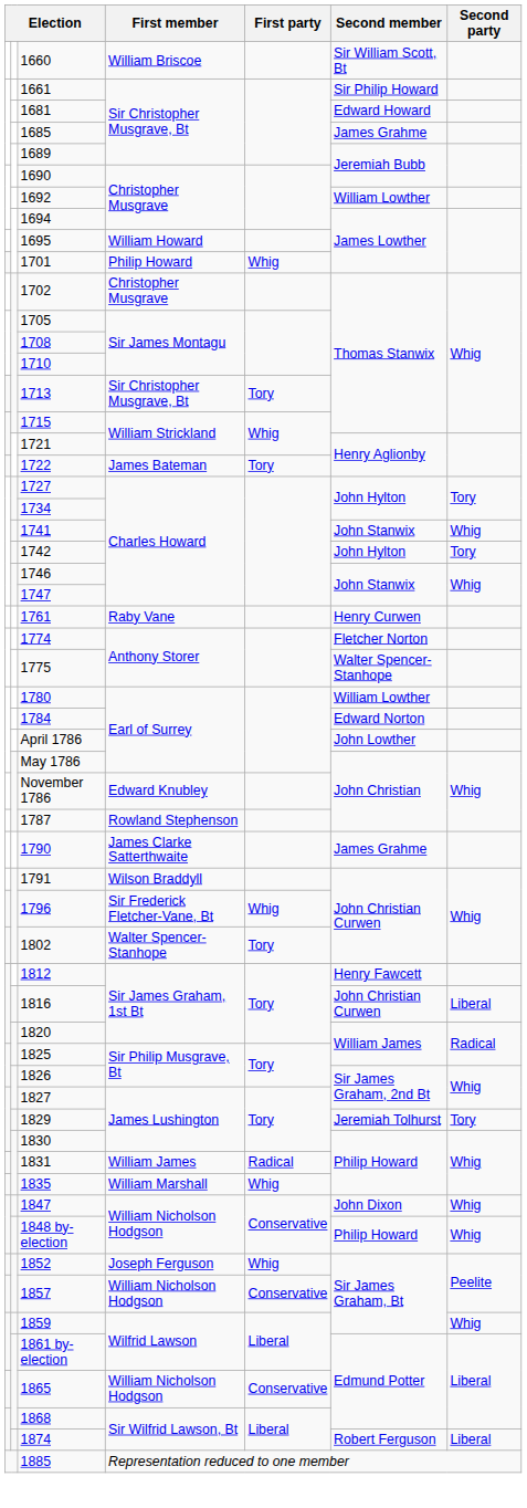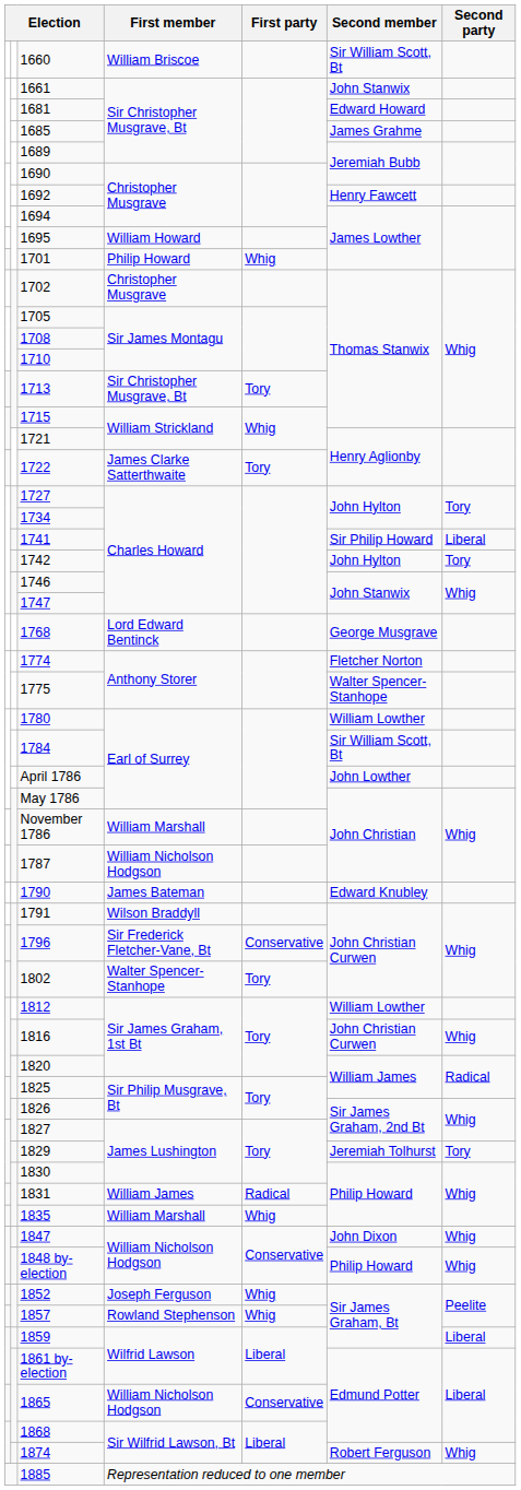 <table class="wikitable">
 <tr>
 <th colspan="3">Election</th>
 <th>First member</th>
 <th>First party</th>
 <th>Second member</th>
 <th>Second party</th>
 </tr>
 <tr>
 <td style="color:inherit;background-color: white"></td>
 <td style="color:inherit;background-color: white"></td>
 <td>1660</td>
 <td><a href='#'>William Briscoe</a></td>
 <td></td>
 <td><a href='#'>Sir William Scott, Bt</a></td>
 <td></td>
 </tr>
 <tr>
 <td rowspan="4" style="color:inherit;background-color: white"></td>
 <td style="color:inherit;background-color: white"></td>
 <td>1661</td>
 <td rowspan="4"><a href='#'>Sir Christopher Musgrave, Bt</a></td>
 <td rowspan="4"></td>
-<td><a href='#'>Sir Philip Howard</a></td>
+<td><a href='#'>John Stanwix</a></td>
 <td></td>
 </tr>
 <tr>
 <td style="color:inherit;background-color: white"></td>
 <td>1681</td>
 <td><a href='#'>Edward Howard</a></td>
 <td></td>
 </tr>
 <tr>
 <td style="color:inherit;background-color: white"></td>
 <td>1685</td>
 <td><a href='#'>James Grahme</a></td>
 <td></td>
 </tr>
 <tr>
 <td rowspan="2" style="color:inherit;background-color: white"></td>
 <td>1689</td>
 <td rowspan="2"><a href='#'>Jeremiah Bubb</a></td>
 <td rowspan="2"></td>
 </tr>
 <tr>
 <td rowspan="3" style="color:inherit;background-color: white"></td>
 <td>1690</td>
 <td rowspan="3"><a href='#'>Christopher Musgrave</a></td>
 <td rowspan="3"></td>
 </tr>
 <tr>
 <td style="color:inherit;background-color: white"></td>
 <td>1692</td>
-<td><a href='#'>William Lowther</a></td>
+<td><a href='#'>Henry Fawcett</a></td>
 <td></td>
 </tr>
 <tr>
 <td rowspan="3" style="color:inherit;background-color: white"></td>
 <td>1694</td>
 <td rowspan="3"><a href='#'>James Lowther</a></td>
 <td rowspan="3"></td>
 </tr>
 <tr>
 <td style="color:inherit;background-color: white"></td>
 <td>1695</td>
 <td><a href='#'>William Howard</a></td>
 <td></td>
 </tr>
 <tr>
 <td style="color:inherit;background-color: "></td>
 <td>1701</td>
 <td><a href='#'>Philip Howard</a></td>
 <td><a href='#'>Whig</a></td>
 </tr>
 <tr>
 <td style="color:inherit;background-color: white"></td>
 <td rowspan="6" style="color:inherit;background-color: "></td>
 <td>1702</td>
 <td><a href='#'>Christopher Musgrave</a></td>
 <td></td>
 <td rowspan="6"><a href='#'>Thomas Stanwix</a></td>
 <td rowspan="6"><a href='#'>Whig</a></td>
 </tr>
 <tr>
 <td rowspan="3" style="color:inherit;background-color: white"></td>
 <td>1705</td>
 <td rowspan="3"><a href='#'>Sir James Montagu</a></td>
 <td rowspan="3"></td>
 </tr>
 <tr>
 <td><a href='#'>1708</a></td>
 </tr>
 <tr>
 <td><a href='#'>1710</a></td>
 </tr>
 <tr>
 <td style="color:inherit;background-color: "></td>
 <td><a href='#'>1713</a></td>
 <td><a href='#'>Sir Christopher Musgrave, Bt</a></td>
 <td><a href='#'>Tory</a></td>
 </tr>
 <tr>
 <td rowspan="2" style="color:inherit;background-color: "></td>
 <td><a href='#'>1715</a></td>
 <td rowspan="2"><a href='#'>William Strickland</a></td>
 <td rowspan="2"><a href='#'>Whig</a></td>
 </tr>
 <tr>
 <td rowspan="2" style="color:inherit;background-color: white"></td>
 <td>1721</td>
 <td rowspan="2"><a href='#'>Henry Aglionby</a></td>
 <td rowspan="2"></td>
 </tr>
 <tr>
 <td style="color:inherit;background-color: "></td>
 <td><a href='#'>1722</a></td>
-<td><a href='#'>James Bateman</a></td>
+<td><a href='#'>James Clarke Satterthwaite</a></td>
 <td><a href='#'>Tory</a></td>
 </tr>
 <tr>
 <td rowspan="6" style="color:inherit;background-color: white"></td>
 <td rowspan="2" style="color:inherit;background-color: "></td>
 <td><a href='#'>1727</a></td>
 <td rowspan="6"><a href='#'>Charles Howard</a></td>
 <td rowspan="6"></td>
 <td rowspan="2"><a href='#'>John Hylton</a></td>
 <td rowspan="2"><a href='#'>Tory</a></td>
 </tr>
 <tr>
 <td><a href='#'>1734</a></td>
 </tr>
 <tr>
 <td style="color:inherit;background-color: "></td>
 <td><a href='#'>1741</a></td>
-<td><a href='#'>John Stanwix</a></td>
-<td><a href='#'>Whig</a></td>
+<td><a href='#'>Sir Philip Howard</a></td>
+<td><a href='#'>Liberal</a></td>
 </tr>
 <tr>
 <td style="color:inherit;background-color: "></td>
 <td>1742</td>
 <td><a href='#'>John Hylton</a></td>
 <td><a href='#'>Tory</a></td>
 </tr>
 <tr>
 <td rowspan="2" style="color:inherit;background-color: "></td>
 <td>1746</td>
 <td rowspan="2"><a href='#'>John Stanwix</a></td>
 <td rowspan="2"><a href='#'>Whig</a></td>
 </tr>
 <tr>
 <td><a href='#'>1747</a></td>
 </tr>
 <tr>
 <td style="color:inherit;background-color: white"></td>
 <td style="color:inherit;background-color: white"></td>
-<td><a href='#'>1761</a></td>
-<td><a href='#'>Raby Vane</a></td>
+<td><a href='#'>1768</a></td>
+<td><a href='#'>Lord Edward Bentinck</a></td>
 <td></td>
-<td><a href='#'>Henry Curwen</a></td>
+<td><a href='#'>George Musgrave</a></td>
 <td></td>
 </tr>
 <tr>
 <td rowspan="2" style="color:inherit;background-color: white"></td>
 <td style="color:inherit;background-color: white"></td>
 <td><a href='#'>1774</a></td>
 <td rowspan="2"><a href='#'>Anthony Storer</a></td>
 <td rowspan="2"></td>
 <td><a href='#'>Fletcher Norton</a></td>
 <td></td>
 </tr>
 <tr>
 <td style="color:inherit;background-color: white"></td>
 <td>1775</td>
 <td><a href='#'>Walter Spencer-Stanhope</a></td>
 <td></td>
 </tr>
 <tr>
 <td rowspan="4" style="color:inherit;background-color: white"></td>
 <td style="color:inherit;background-color: white"></td>
 <td><a href='#'>1780</a></td>
 <td rowspan="4"><a href='#'>Earl of Surrey</a></td>
 <td rowspan="4"></td>
 <td><a href='#'>William Lowther</a></td>
 <td></td>
 </tr>
 <tr>
 <td style="color:inherit;background-color: white"></td>
 <td><a href='#'>1784</a></td>
-<td><a href='#'>Edward Norton</a></td>
+<td><a href='#'>Sir William Scott, Bt</a></td>
 <td></td>
 </tr>
 <tr>
 <td style="color:inherit;background-color: white"></td>
 <td>April 1786</td>
 <td><a href='#'>John Lowther</a></td>
 <td></td>
 </tr>
 <tr>
 <td rowspan="3" style="color:inherit;background-color: "></td>
 <td>May 1786</td>
 <td rowspan="3"><a href='#'>John Christian</a></td>
 <td rowspan="3"><a href='#'>Whig</a></td>
 </tr>
 <tr>
 <td style="color:inherit;background-color: white"></td>
 <td>November 1786</td>
-<td><a href='#'>Edward Knubley</a></td>
+<td><a href='#'>William Marshall</a></td>
 <td></td>
 </tr>
 <tr>
 <td style="color:inherit;background-color: white"></td>
 <td>1787</td>
-<td><a href='#'>Rowland Stephenson</a></td>
+<td><a href='#'>William Nicholson Hodgson</a></td>
 <td></td>
 </tr>
 <tr>
 <td style="color:inherit;background-color: white"></td>
 <td style="color:inherit;background-color: white"></td>
 <td><a href='#'>1790</a></td>
-<td><a href='#'>James Clarke Satterthwaite</a></td>
+<td><a href='#'>James Bateman</a></td>
 <td></td>
-<td><a href='#'>James Grahme</a></td>
+<td><a href='#'>Edward Knubley</a></td>
 <td></td>
 </tr>
 <tr>
 <td style="color:inherit;background-color: white"></td>
 <td rowspan="3" style="color:inherit;background-color: "></td>
 <td>1791</td>
 <td><a href='#'>Wilson Braddyll</a></td>
 <td></td>
 <td rowspan="3"><a href='#'>John Christian Curwen</a></td>
 <td rowspan="3"><a href='#'>Whig</a></td>
 </tr>
 <tr>
 <td style="color:inherit;background-color: "></td>
 <td><a href='#'>1796</a></td>
 <td><a href='#'>Sir Frederick Fletcher-Vane, Bt</a></td>
-<td><a href='#'>Whig</a></td>
+<td><a href='#'>Conservative</a></td>
 </tr>
 <tr>
 <td style="color:inherit;background-color: "></td>
 <td>1802</td>
 <td><a href='#'>Walter Spencer-Stanhope</a></td>
 <td><a href='#'>Tory</a></td>
 </tr>
 <tr>
 <td rowspan="3" style="color:inherit;background-color: "></td>
 <td style="color:inherit;background-color: white"></td>
 <td><a href='#'>1812</a></td>
 <td rowspan="3"><a href='#'>Sir James Graham, 1st Bt</a></td>
 <td rowspan="3"><a href='#'>Tory</a></td>
-<td><a href='#'>Henry Fawcett</a></td>
+<td><a href='#'>William Lowther</a></td>
 <td></td>
 </tr>
 <tr>
 <td style="color:inherit;background-color: "></td>
 <td>1816</td>
 <td><a href='#'>John Christian Curwen</a></td>
-<td><a href='#'>Liberal</a></td>
+<td><a href='#'>Whig</a></td>
 </tr>
 <tr>
 <td rowspan="2" style="color:inherit;background-color: "></td>
 <td>1820</td>
 <td rowspan="2"><a href='#'>William James</a></td>
 <td rowspan="2"><a href='#'>Radical</a></td>
 </tr>
 <tr>
 <td rowspan="2" style="color:inherit;background-color: "></td>
 <td>1825</td>
 <td rowspan="2"><a href='#'>Sir Philip Musgrave, Bt</a></td>
 <td rowspan="2"><a href='#'>Tory</a></td>
 </tr>
 <tr>
 <td rowspan="2" style="color:inherit;background-color: "></td>
 <td>1826</td>
 <td rowspan="2"><a href='#'>Sir James Graham, 2nd Bt</a></td>
 <td rowspan="2"><a href='#'>Whig</a></td>
 </tr>
 <tr>
 <td rowspan="3" style="color:inherit;background-color: "></td>
 <td>1827</td>
 <td rowspan="3"><a href='#'>James Lushington</a></td>
 <td rowspan="3"><a href='#'>Tory</a></td>
 </tr>
 <tr>
 <td style="color:inherit;background-color: "></td>
 <td>1829</td>
 <td><a href='#'>Jeremiah Tolhurst</a></td>
 <td><a href='#'>Tory</a></td>
 </tr>
 <tr>
 <td rowspan="3" style="color:inherit;background-color: "></td>
 <td>1830</td>
 <td rowspan="3"><a href='#'>Philip Howard</a></td>
 <td rowspan="3"><a href='#'>Whig</a></td>
 </tr>
 <tr>
 <td style="color:inherit;background-color: "></td>
 <td>1831</td>
 <td><a href='#'>William James</a></td>
 <td><a href='#'>Radical</a></td>
 </tr>
 <tr>
 <td style="color:inherit;background-color: "></td>
 <td><a href='#'>1835</a></td>
 <td><a href='#'>William Marshall</a></td>
 <td><a href='#'>Whig</a></td>
 </tr>
 <tr>
 <td rowspan="2" style="color:inherit;background-color: "></td>
 <td style="color:inherit;background-color: "></td>
 <td><a href='#'>1847</a></td>
 <td rowspan="2"><a href='#'>William Nicholson Hodgson</a></td>
 <td rowspan="2"><a href='#'>Conservative</a></td>
 <td><a href='#'>John Dixon</a></td>
 <td><a href='#'>Whig</a></td>
 </tr>
 <tr>
 <td style="color:inherit;background-color: "></td>
 <td><a href='#'>1848 by-election</a></td>
 <td><a href='#'>Philip Howard</a></td>
 <td><a href='#'>Whig</a></td>
 </tr>
 <tr>
 <td style="color:inherit;background-color: "></td>
 <td rowspan="2" style="color:inherit;background-color: "></td>
 <td><a href='#'>1852</a></td>
 <td><a href='#'>Joseph Ferguson</a></td>
 <td><a href='#'>Whig</a></td>
 <td rowspan="3"><a href='#'>Sir James Graham, Bt</a></td>
 <td rowspan="2"><a href='#'>Peelite</a></td>
 </tr>
 <tr>
 <td style="color:inherit;background-color: "></td>
 <td><a href='#'>1857</a></td>
-<td><a href='#'>William Nicholson Hodgson</a></td>
-<td><a href='#'>Conservative</a></td>
+<td><a href='#'>Rowland Stephenson</a></td>
+<td><a href='#'>Whig</a></td>
 </tr>
 <tr>
 <td rowspan="2" style="color:inherit;background-color: "></td>
 <td style="color:inherit;background-color: "></td>
 <td><a href='#'>1859</a></td>
 <td rowspan="2"><a href='#'>Wilfrid Lawson</a></td>
 <td rowspan="2"><a href='#'>Liberal</a></td>
-<td><a href='#'>Whig</a></td>
+<td><a href='#'>Liberal</a></td>
 </tr>
 <tr>
 <td rowspan="3" style="color:inherit;background-color: "></td>
 <td><a href='#'>1861 by-election</a></td>
 <td rowspan="3"><a href='#'>Edmund Potter</a></td>
 <td rowspan="3"><a href='#'>Liberal</a></td>
 </tr>
 <tr>
 <td style="color:inherit;background-color: "></td>
 <td><a href='#'>1865</a></td>
 <td><a href='#'>William Nicholson Hodgson</a></td>
 <td><a href='#'>Conservative</a></td>
 </tr>
 <tr>
 <td rowspan="2" style="color:inherit;background-color: "></td>
 <td><a href='#'>1868</a></td>
 <td rowspan="2"><a href='#'>Sir Wilfrid Lawson, Bt</a></td>
 <td rowspan="2"><a href='#'>Liberal</a></td>
 </tr>
 <tr>
 <td style="color:inherit;background-color: "></td>
 <td><a href='#'>1874</a></td>
 <td><a href='#'>Robert Ferguson</a></td>
-<td><a href='#'>Liberal</a></td>
+<td><a href='#'>Whig</a></td>
 </tr>
 <tr>
 <td colspan="2"></td>
 <td><a href='#'>1885</a></td>
 <td colspan="4"><em>Representation reduced to one member</em></td>
 </tr>
 </table>
